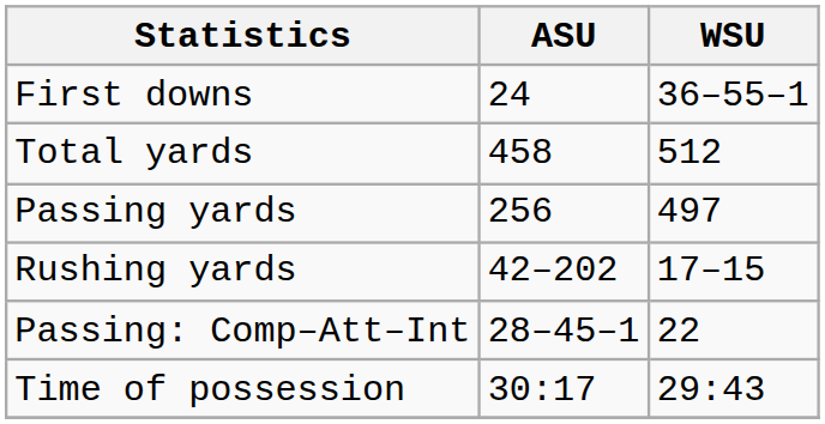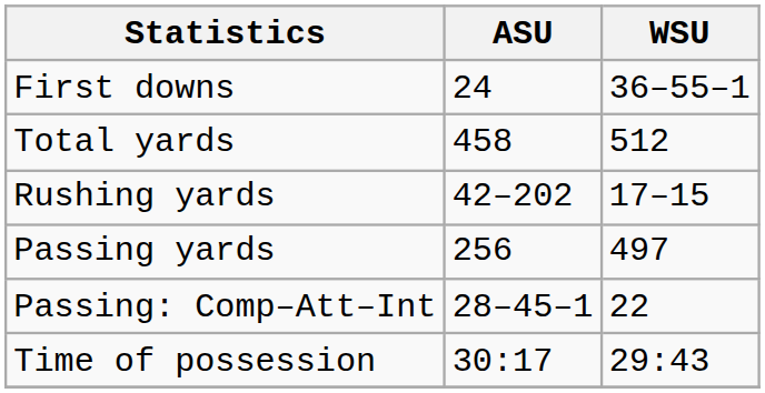 <table class="wikitable" style="float: left;">
 <tr>
 <th>Statistics</th>
 <th>ASU</th>
 <th>WSU</th>
 </tr>
 <tr>
 <td>First downs</td>
 <td>24</td>
 <td>36–55–1</td>
 </tr>
 <tr>
 <td>Total yards</td>
 <td>458</td>
 <td>512</td>
 </tr>
 <tr>
+<td>Rushing yards</td>
+<td>42–202</td>
+<td>17–15</td>
+</tr>
+<tr>
 <td>Passing yards</td>
 <td>256</td>
 <td>497</td>
-</tr>
-<tr>
-<td>Rushing yards</td>
-<td>42–202</td>
-<td>17–15</td>
 </tr>
 <tr>
 <td>Passing: Comp–Att–Int</td>
 <td>28–45–1</td>
 <td>22</td>
 </tr>
 <tr>
 <td>Time of possession</td>
 <td>30:17</td>
 <td>29:43</td>
 </tr>
 <tr>
 </tr>
 </table>
